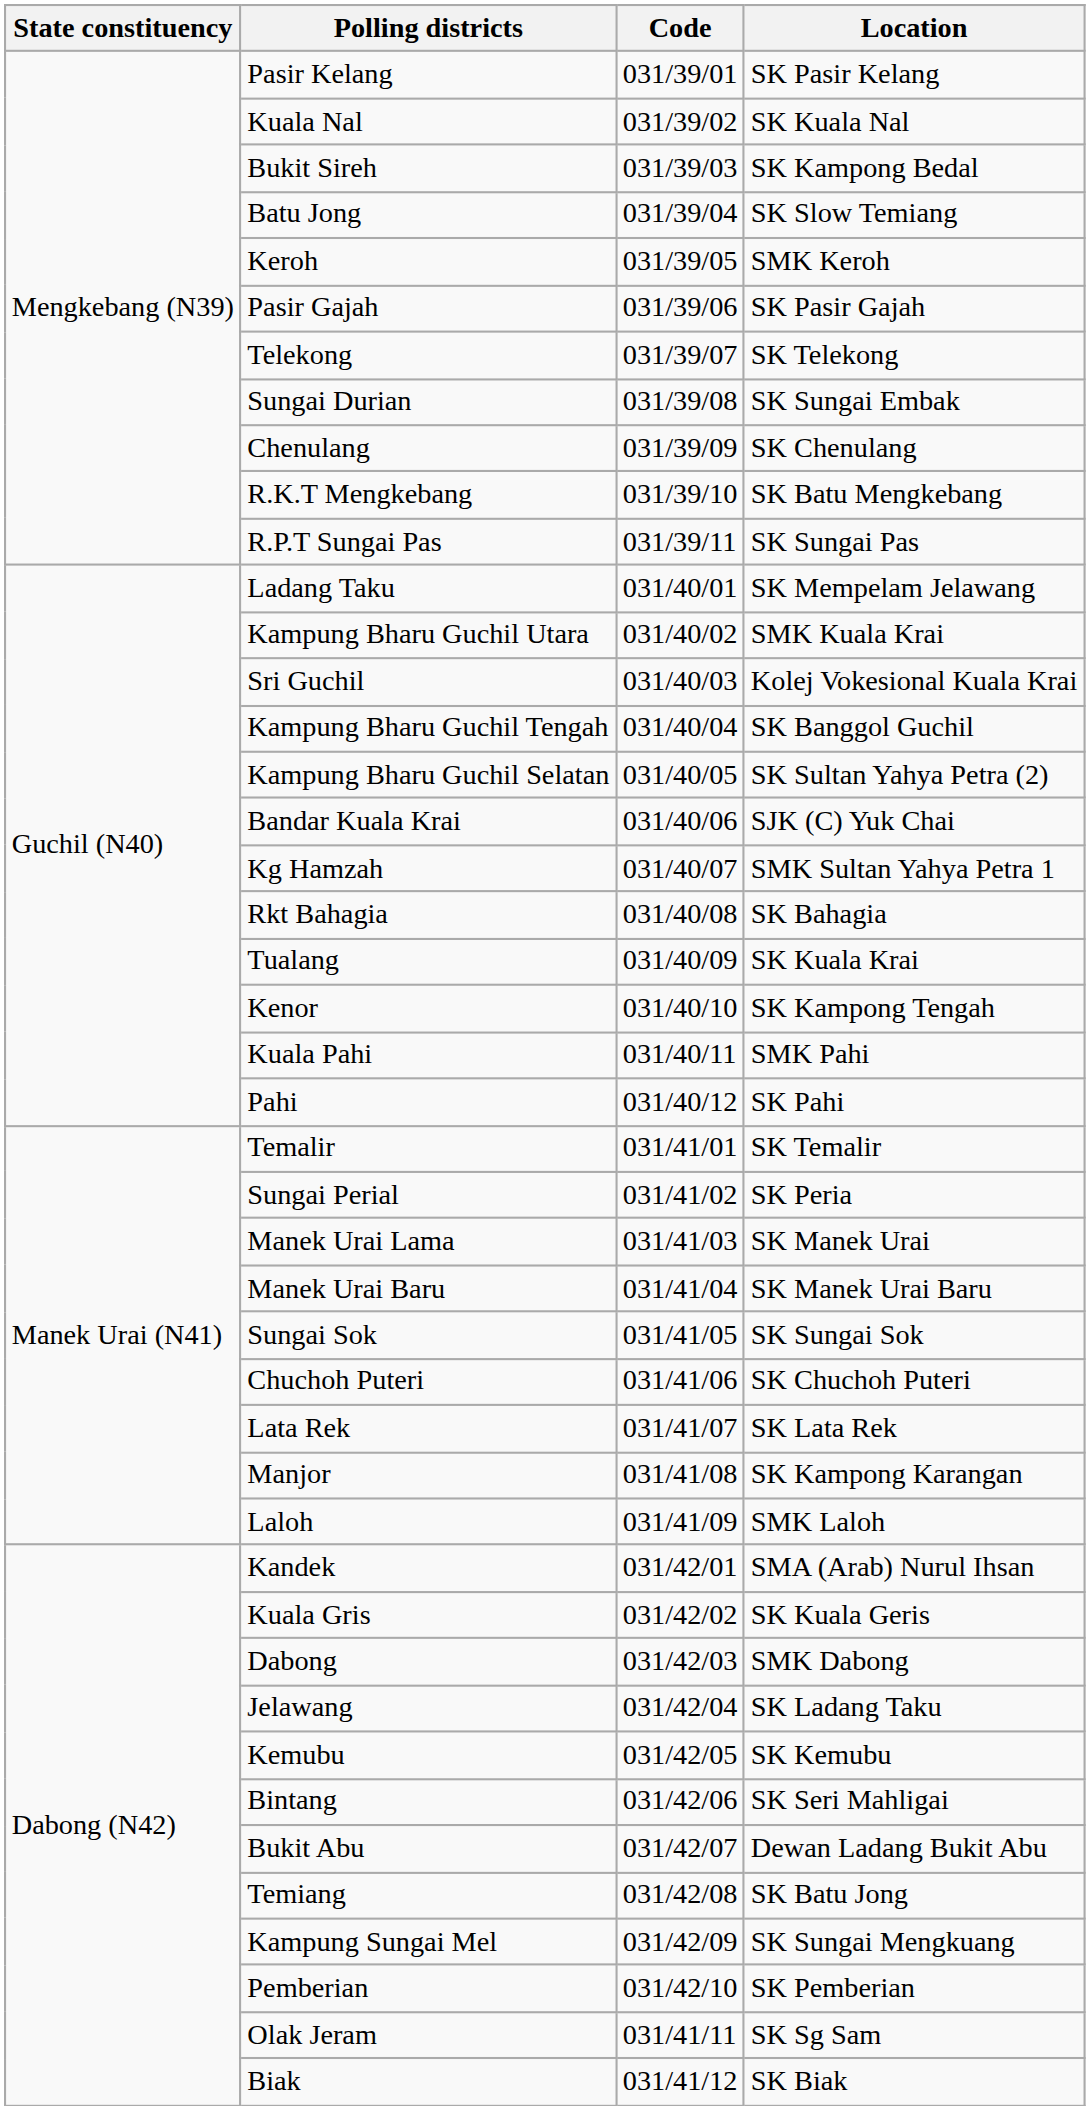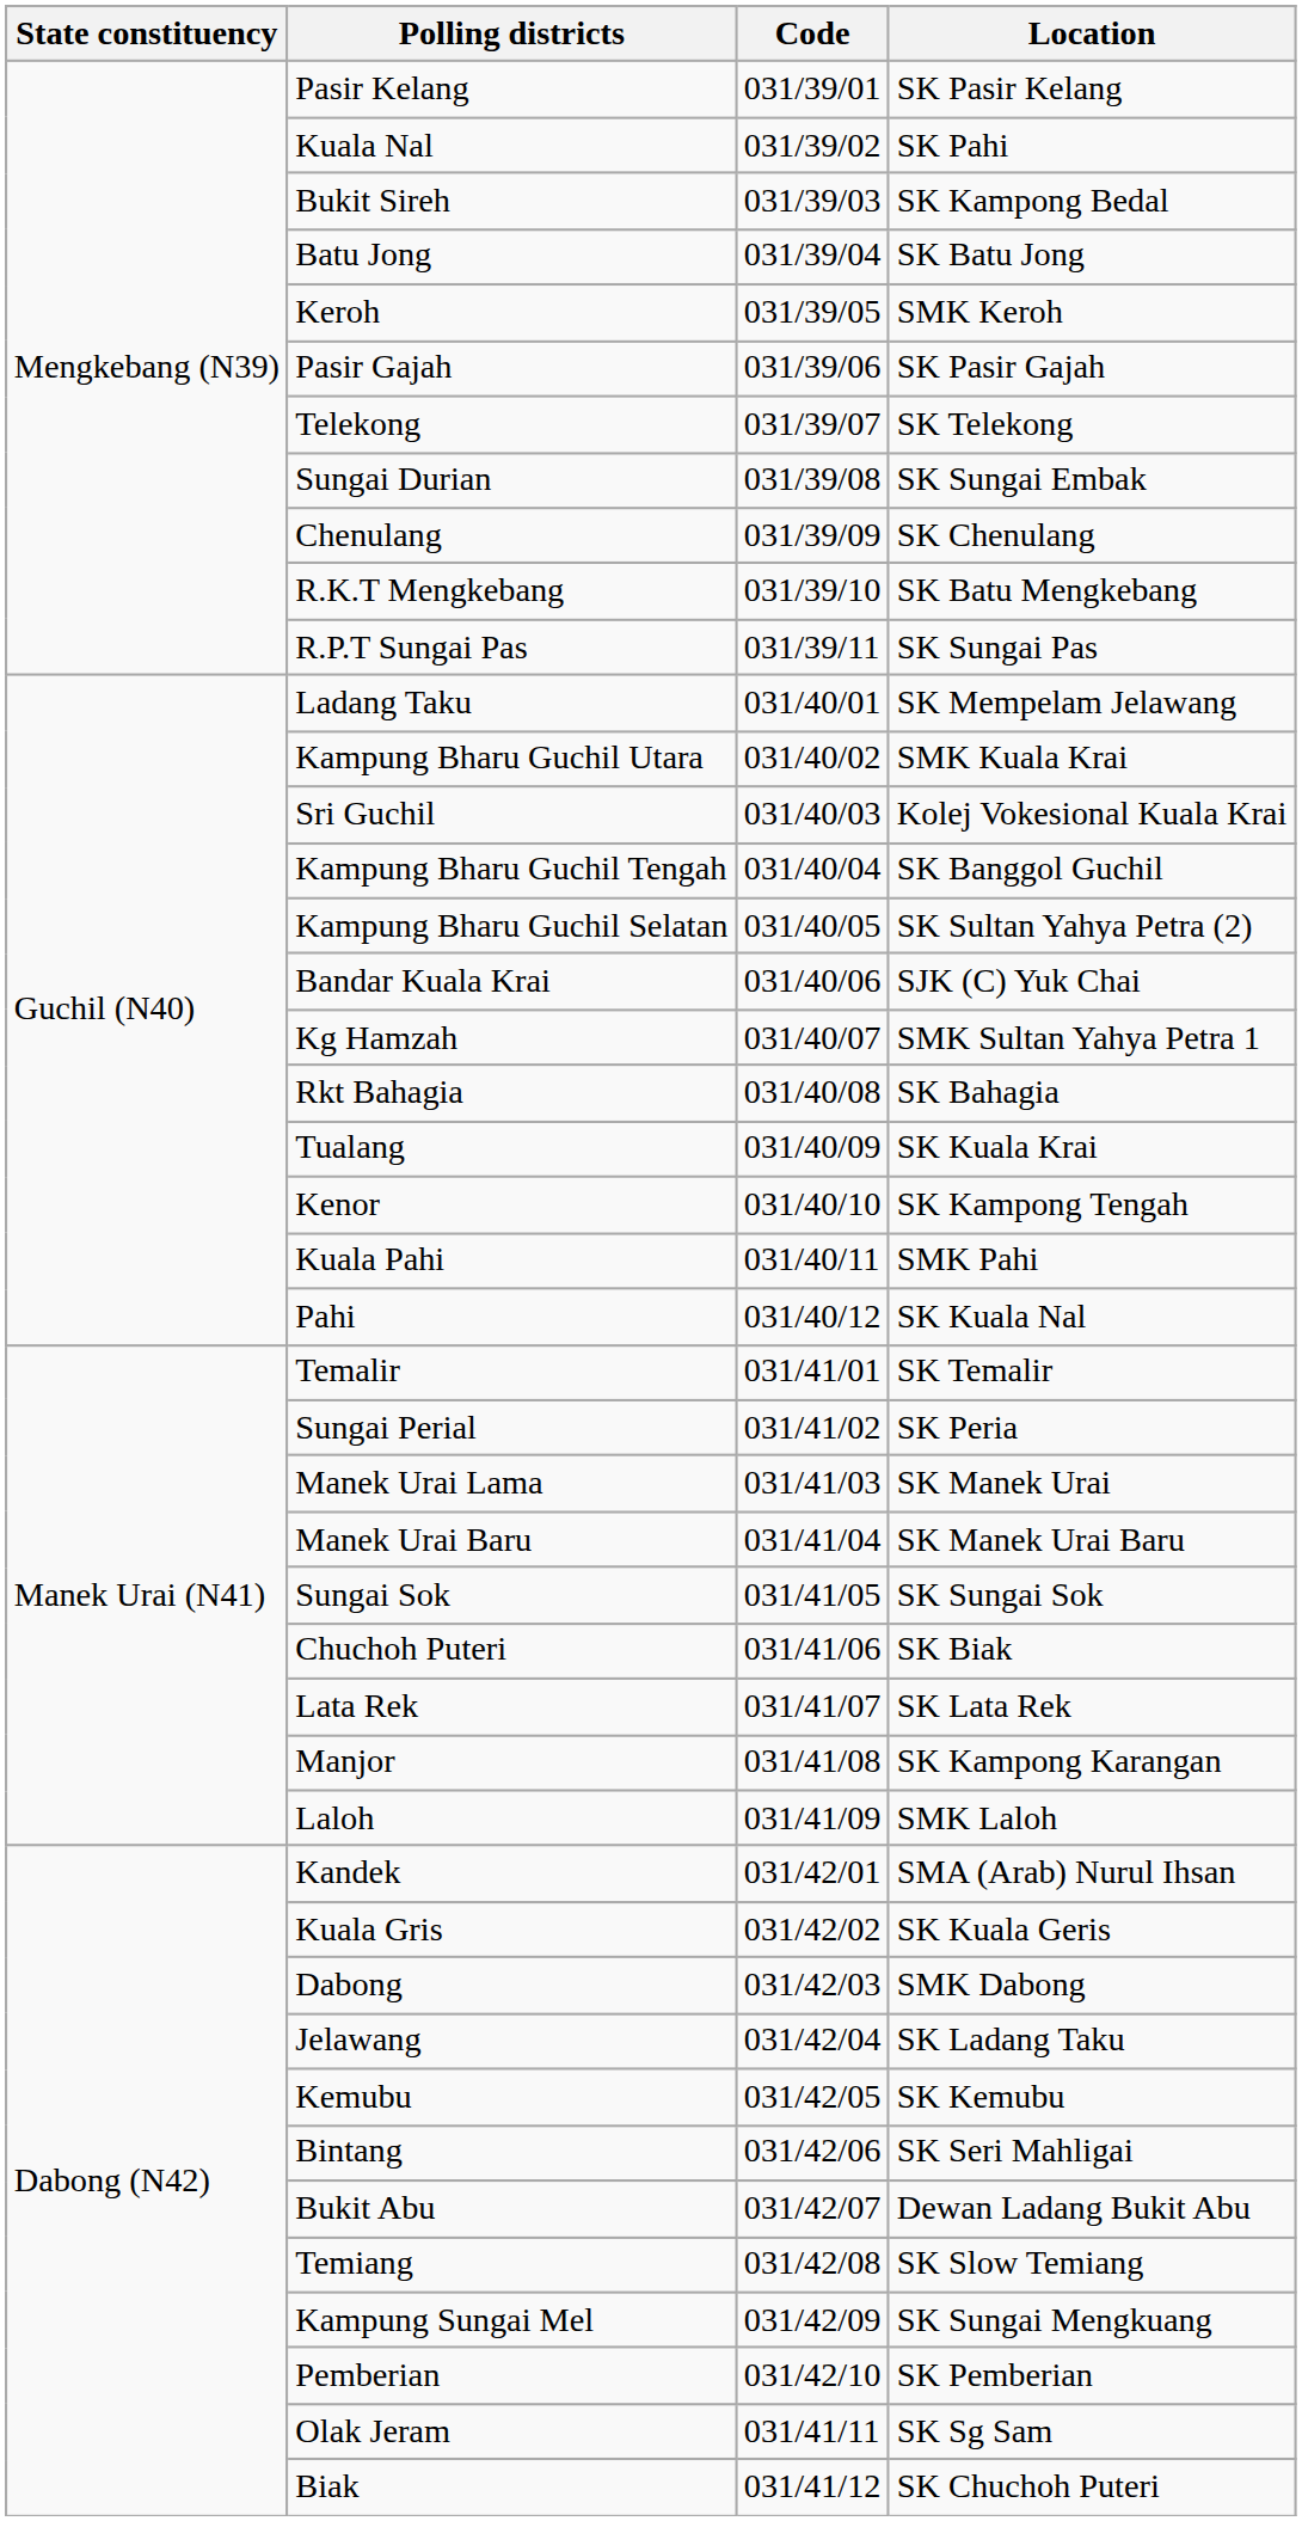 <table class="wikitable sortable mw-collapsible" style="white-space:nowrap;font-size:85%">
 <tr>
 <th>State constituency</th>
 <th>Polling districts</th>
 <th>Code</th>
 <th>Location</th>
 </tr>
 <tr>
 <td rowspan="11">Mengkebang (N39)</td>
 <td>Pasir Kelang</td>
 <td>031/39/01</td>
 <td>SK Pasir Kelang</td>
 </tr>
 <tr>
 <td>Kuala Nal</td>
 <td>031/39/02</td>
-<td>SK Kuala Nal</td>
+<td>SK Pahi</td>
 </tr>
 <tr>
 <td>Bukit Sireh</td>
 <td>031/39/03</td>
 <td>SK Kampong Bedal</td>
 </tr>
 <tr>
 <td>Batu Jong</td>
 <td>031/39/04</td>
-<td>SK Slow Temiang</td>
+<td>SK Batu Jong</td>
 </tr>
 <tr>
 <td>Keroh</td>
 <td>031/39/05</td>
 <td>SMK Keroh</td>
 </tr>
 <tr>
 <td>Pasir Gajah</td>
 <td>031/39/06</td>
 <td>SK Pasir Gajah</td>
 </tr>
 <tr>
 <td>Telekong</td>
 <td>031/39/07</td>
 <td>SK Telekong</td>
 </tr>
 <tr>
 <td>Sungai Durian</td>
 <td>031/39/08</td>
 <td>SK Sungai Embak</td>
 </tr>
 <tr>
 <td>Chenulang</td>
 <td>031/39/09</td>
 <td>SK Chenulang</td>
 </tr>
 <tr>
 <td>R.K.T Mengkebang</td>
 <td>031/39/10</td>
 <td>SK Batu Mengkebang</td>
 </tr>
 <tr>
 <td>R.P.T Sungai Pas</td>
 <td>031/39/11</td>
 <td>SK Sungai Pas</td>
 </tr>
 <tr>
 <td rowspan="12">Guchil (N40)</td>
 <td>Ladang Taku</td>
 <td>031/40/01</td>
 <td>SK Mempelam Jelawang</td>
 </tr>
 <tr>
 <td>Kampung Bharu Guchil Utara</td>
 <td>031/40/02</td>
 <td>SMK Kuala Krai</td>
 </tr>
 <tr>
 <td>Sri Guchil</td>
 <td>031/40/03</td>
 <td>Kolej Vokesional Kuala Krai</td>
 </tr>
 <tr>
 <td>Kampung Bharu Guchil Tengah</td>
 <td>031/40/04</td>
 <td>SK Banggol Guchil</td>
 </tr>
 <tr>
 <td>Kampung Bharu Guchil Selatan</td>
 <td>031/40/05</td>
 <td>SK Sultan Yahya Petra (2)</td>
 </tr>
 <tr>
 <td>Bandar Kuala Krai</td>
 <td>031/40/06</td>
 <td>SJK (C) Yuk Chai</td>
 </tr>
 <tr>
 <td>Kg Hamzah</td>
 <td>031/40/07</td>
 <td>SMK Sultan Yahya Petra 1</td>
 </tr>
 <tr>
 <td>Rkt Bahagia</td>
 <td>031/40/08</td>
 <td>SK Bahagia</td>
 </tr>
 <tr>
 <td>Tualang</td>
 <td>031/40/09</td>
 <td>SK Kuala Krai</td>
 </tr>
 <tr>
 <td>Kenor</td>
 <td>031/40/10</td>
 <td>SK Kampong Tengah</td>
 </tr>
 <tr>
 <td>Kuala Pahi</td>
 <td>031/40/11</td>
 <td>SMK Pahi</td>
 </tr>
 <tr>
 <td>Pahi</td>
 <td>031/40/12</td>
-<td>SK Pahi</td>
+<td>SK Kuala Nal</td>
 </tr>
 <tr>
 <td rowspan="9">Manek Urai (N41)</td>
 <td>Temalir</td>
 <td>031/41/01</td>
 <td>SK Temalir</td>
 </tr>
 <tr>
 <td>Sungai Perial</td>
 <td>031/41/02</td>
 <td>SK Peria</td>
 </tr>
 <tr>
 <td>Manek Urai Lama</td>
 <td>031/41/03</td>
 <td>SK Manek Urai</td>
 </tr>
 <tr>
 <td>Manek Urai Baru</td>
 <td>031/41/04</td>
 <td>SK Manek Urai Baru</td>
 </tr>
 <tr>
 <td>Sungai Sok</td>
 <td>031/41/05</td>
 <td>SK Sungai Sok</td>
 </tr>
 <tr>
 <td>Chuchoh Puteri</td>
 <td>031/41/06</td>
-<td>SK Chuchoh Puteri</td>
+<td>SK Biak</td>
 </tr>
 <tr>
 <td>Lata Rek</td>
 <td>031/41/07</td>
 <td>SK Lata Rek</td>
 </tr>
 <tr>
 <td>Manjor</td>
 <td>031/41/08</td>
 <td>SK Kampong Karangan</td>
 </tr>
 <tr>
 <td>Laloh</td>
 <td>031/41/09</td>
 <td>SMK Laloh</td>
 </tr>
 <tr>
 <td rowspan="12">Dabong (N42)</td>
 <td>Kandek</td>
 <td>031/42/01</td>
 <td>SMA (Arab) Nurul Ihsan</td>
 </tr>
 <tr>
 <td>Kuala Gris</td>
 <td>031/42/02</td>
 <td>SK Kuala Geris</td>
 </tr>
 <tr>
 <td>Dabong</td>
 <td>031/42/03</td>
 <td>SMK Dabong</td>
 </tr>
 <tr>
 <td>Jelawang</td>
 <td>031/42/04</td>
 <td>SK Ladang Taku</td>
 </tr>
 <tr>
 <td>Kemubu</td>
 <td>031/42/05</td>
 <td>SK Kemubu</td>
 </tr>
 <tr>
 <td>Bintang</td>
 <td>031/42/06</td>
 <td>SK Seri Mahligai</td>
 </tr>
 <tr>
 <td>Bukit Abu</td>
 <td>031/42/07</td>
 <td>Dewan Ladang Bukit Abu</td>
 </tr>
 <tr>
 <td>Temiang</td>
 <td>031/42/08</td>
-<td>SK Batu Jong</td>
+<td>SK Slow Temiang</td>
 </tr>
 <tr>
 <td>Kampung Sungai Mel</td>
 <td>031/42/09</td>
 <td>SK Sungai Mengkuang</td>
 </tr>
 <tr>
 <td>Pemberian</td>
 <td>031/42/10</td>
 <td>SK Pemberian</td>
 </tr>
 <tr>
 <td>Olak Jeram</td>
 <td>031/41/11</td>
 <td>SK Sg Sam</td>
 </tr>
 <tr>
 <td>Biak</td>
 <td>031/41/12</td>
-<td>SK Biak</td>
+<td>SK Chuchoh Puteri</td>
 </tr>
 </table>
